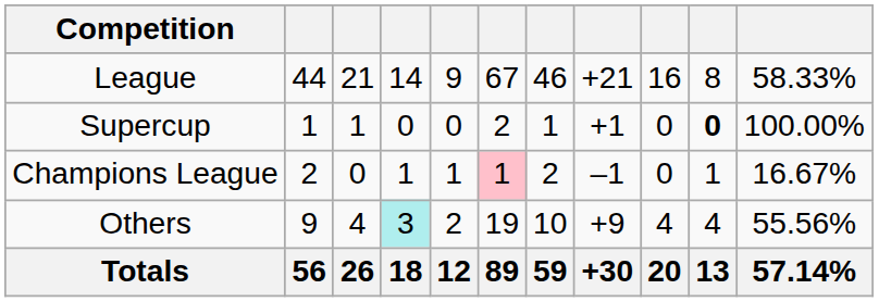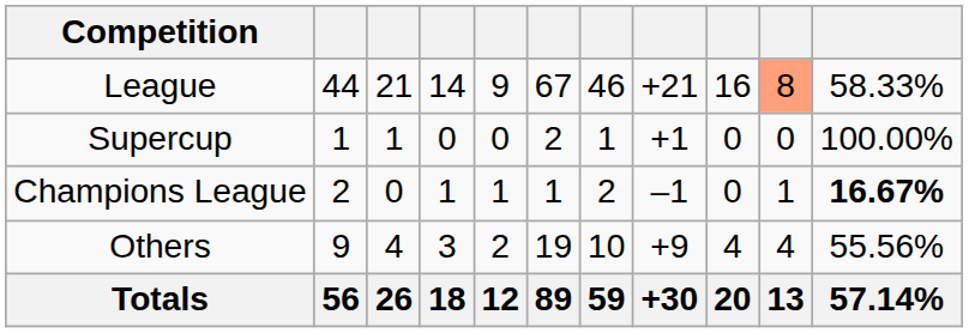 <table class="wikitable">
 <tr>
 <th>Competition</th>
 <th></th>
 <th></th>
 <th></th>
 <th></th>
 <th></th>
 <th></th>
 <th></th>
 <th></th>
 <th></th>
 <th></th>
 </tr>
 <tr align=center>
 <td>League</td>
 <td>44</td>
 <td>21</td>
 <td>14</td>
 <td>9</td>
 <td>67</td>
 <td>46</td>
 <td>+21</td>
 <td>16</td>
-<td>8</td>
+<td style="background: lightsalmon;">8</td>
 <td>58.33%</td>
 </tr>
 <tr align=center>
 <td>Supercup</td>
 <td>1</td>
 <td>1</td>
 <td>0</td>
 <td>0</td>
 <td>2</td>
 <td>1</td>
 <td>+1</td>
 <td>0</td>
-<td><strong>0</strong></td>
+<td>0</td>
 <td>100.00%</td>
 </tr>
 <tr align=center>
 <td>Champions League</td>
 <td>2</td>
 <td>0</td>
 <td>1</td>
 <td>1</td>
-<td style="background: pink;">1</td>
+<td>1</td>
 <td>2</td>
 <td>–1</td>
 <td>0</td>
 <td>1</td>
-<td>16.67%</td>
+<td><strong>16.67%</strong></td>
 </tr>
 <tr align=center>
 <td>Others</td>
 <td>9</td>
 <td>4</td>
-<td style="background: paleturquoise;">3</td>
+<td>3</td>
 <td>2</td>
 <td>19</td>
 <td>10</td>
 <td>+9</td>
 <td>4</td>
 <td>4</td>
 <td>55.56%</td>
 </tr>
 <tr>
 <th>Totals</th>
 <th>56</th>
 <th>26</th>
 <th>18</th>
 <th>12</th>
 <th>89</th>
 <th>59</th>
 <th>+30</th>
 <th>20</th>
 <th>13</th>
 <th>57.14%</th>
 </tr>
 </table>
